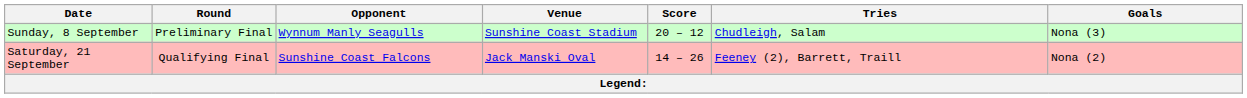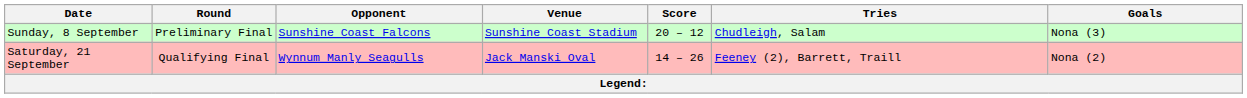 <table class="wikitable" style="font-size:75%;">
 <tr>
 <th style="width:120px;">Date</th>
 <th style="width:100px;">Round</th>
 <th style="width:170px;">Opponent</th>
 <th style="width:135px;">Venue</th>
 <th style="width:50px;">Score</th>
 <th style="width:280px;">Tries</th>
 <th style="width:160px;">Goals</th>
 </tr>
 <tr style="background:#cfc;">
 <td>Sunday, 8 September</td>
 <td style="text-align:center;">Preliminary Final</td>
-<td> <a href='#'>Wynnum Manly Seagulls</a></td>
+<td> <a href='#'>Sunshine Coast Falcons</a></td>
 <td><a href='#'>Sunshine Coast Stadium</a></td>
 <td style="text-align:center;">20 – 12</td>
 <td><a href='#'>Chudleigh</a>, Salam</td>
 <td>Nona (3)</td>
 </tr>
 <tr style="background:#FFBBBB">
 <td>Saturday, 21 September</td>
 <td style="text-align:center;">Qualifying Final</td>
-<td> <a href='#'>Sunshine Coast Falcons</a></td>
+<td> <a href='#'>Wynnum Manly Seagulls</a></td>
 <td><a href='#'>Jack Manski Oval</a></td>
 <td style="text-align:center;">14 – 26</td>
 <td><a href='#'>Feeney</a> (2), Barrett, Traill</td>
 <td>Nona (2)</td>
 </tr>
 <tr>
 <th colspan="11"><strong>Legend</strong>:    </th>
 </tr>
 </table>
